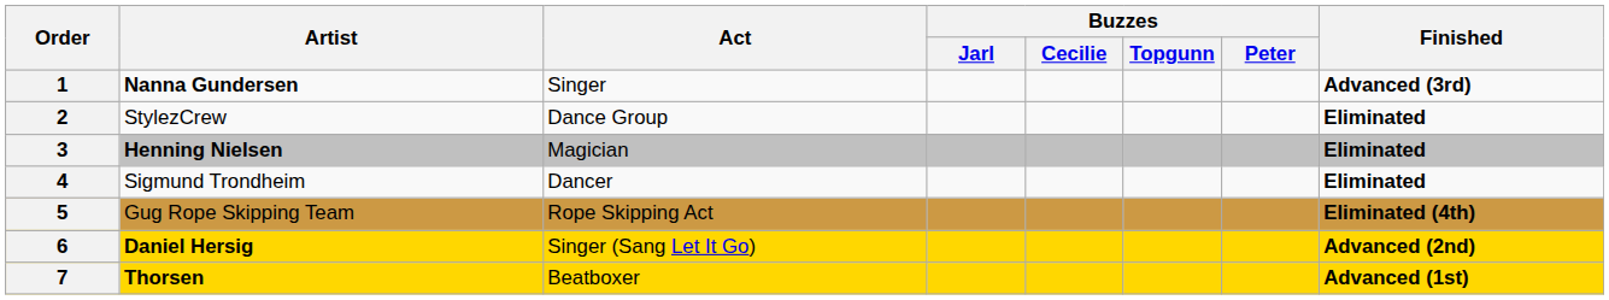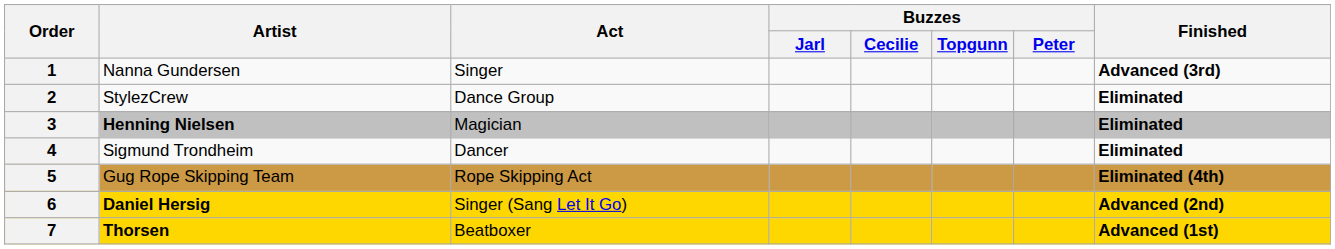 <table class="wikitable sortable" width="100%">
 <tr>
 <th rowspan="2">Order</th>
 <th rowspan="2" class="unsortable">Artist</th>
 <th rowspan="2" class="unsortable">Act</th>
 <th colspan="4" class="unsortable">Buzzes</th>
 <th rowspan="2">Finished</th>
 </tr>
 <tr>
 <th width="70"><a href='#'>Jarl</a></th>
 <th width="70"><a href='#'>Cecilie</a></th>
 <th width="70"><a href='#'>Topgunn</a></th>
 <th width="70"><a href='#'>Peter</a></th>
 </tr>
 <tr>
 <th>1</th>
-<td><strong>Nanna Gundersen</strong></td>
+<td>Nanna Gundersen</td>
 <td>Singer</td>
 <td></td>
 <td></td>
 <td></td>
 <td></td>
 <td><strong>Advanced</strong> <strong>(3rd)</strong></td>
 </tr>
 <tr>
 <th>2</th>
 <td>StylezCrew</td>
 <td>Dance Group</td>
 <td></td>
 <td></td>
 <td></td>
 <td></td>
 <td><strong>Eliminated</strong></td>
 </tr>
 <tr style="background:silver;">
 <th>3</th>
 <td><strong>Henning Nielsen</strong></td>
 <td>Magician</td>
 <td align="center"></td>
 <td align="center"></td>
 <td></td>
 <td></td>
 <td><strong>Eliminated</strong></td>
 </tr>
 <tr>
 <th>4</th>
 <td>Sigmund Trondheim</td>
 <td>Dancer</td>
 <td></td>
 <td></td>
 <td></td>
 <td></td>
 <td><strong>Eliminated</strong></td>
 </tr>
 <tr style="background:#c94;">
 <th>5</th>
 <td>Gug Rope Skipping Team</td>
 <td>Rope Skipping Act</td>
 <td></td>
 <td></td>
 <td align="center"></td>
 <td align="center"></td>
 <td><strong>Eliminated</strong> <strong>(4th)</strong></td>
 </tr>
 <tr style="background:gold;">
 <th>6</th>
 <td><strong>Daniel Hersig</strong></td>
 <td>Singer (Sang <a href='#'>Let It Go</a>)</td>
 <td></td>
 <td></td>
 <td></td>
 <td></td>
 <td><strong>Advanced</strong> <strong>(2nd)</strong></td>
 </tr>
 <tr style="background:gold;">
 <th>7</th>
 <td><strong>Thorsen</strong></td>
 <td>Beatboxer</td>
 <td></td>
 <td></td>
 <td></td>
 <td></td>
 <td><strong>Advanced</strong> <strong>(1st)</strong></td>
 </tr>
 </table>
